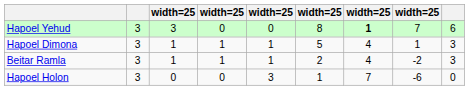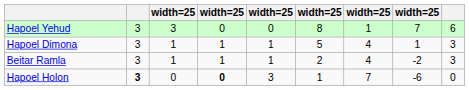 <table class="wikitable" style="text-align: center; font-size: 90%;">
 <tr>
 <th width=165></th>
 <th width=25></th>
 <th>width=25</th>
 <th>width=25</th>
 <th>width=25</th>
 <th>width=25</th>
 <th>width=25</th>
 <th>width=25</th>
 <th width=25></th>
 </tr>
 <tr bgcolor="#ccffcc">
 <td align="left"><a href='#'>Hapoel Yehud</a></td>
 <td>3</td>
 <td>3</td>
 <td>0</td>
 <td>0</td>
 <td>8</td>
-<td><strong>1</strong></td>
+<td>1</td>
 <td>7</td>
 <td>6</td>
 </tr>
 <tr>
 <td align="left"><a href='#'>Hapoel Dimona</a></td>
 <td>3</td>
 <td>1</td>
 <td>1</td>
 <td>1</td>
 <td>5</td>
 <td>4</td>
 <td>1</td>
 <td>3</td>
 </tr>
 <tr>
 <td align="left"><a href='#'>Beitar Ramla</a></td>
 <td>3</td>
 <td>1</td>
 <td>1</td>
 <td>1</td>
 <td>2</td>
 <td>4</td>
 <td>-2</td>
 <td>3</td>
 </tr>
 <tr>
 <td align="left"><a href='#'>Hapoel Holon</a></td>
-<td>3</td>
+<td><strong>3</strong></td>
 <td>0</td>
-<td>0</td>
+<td><strong>0</strong></td>
 <td>3</td>
 <td>1</td>
 <td>7</td>
 <td>-6</td>
 <td>0</td>
 </tr>
 </table>
